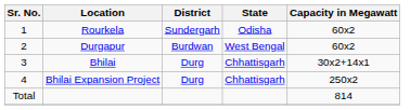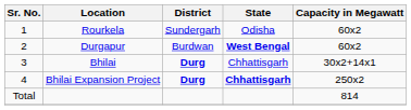 <table class="wikitable sortable" style="background;">
 <tr>
 <th>Sr. No.</th>
 <th>Location</th>
 <th>District</th>
 <th>State</th>
 <th>Capacity in Megawatt</th>
 </tr>
 <tr style="text-align:center;">
 <td>1</td>
 <td><a href='#'>Rourkela</a></td>
 <td><a href='#'>Sundergarh</a></td>
 <td><a href='#'>Odisha</a></td>
 <td>60x2</td>
 </tr>
 <tr style="text-align:center;">
 <td>2</td>
 <td><a href='#'>Durgapur</a></td>
 <td><a href='#'>Burdwan</a></td>
-<td><a href='#'>West Bengal</a></td>
+<td><strong><a href='#'>West Bengal</a></strong></td>
 <td>60x2</td>
 </tr>
 <tr style="text-align:center;">
 <td>3</td>
 <td><a href='#'>Bhilai</a></td>
-<td><a href='#'>Durg</a></td>
+<td><strong><a href='#'>Durg</a></strong></td>
 <td><a href='#'>Chhattisgarh</a></td>
 <td>30x2+14x1</td>
 </tr>
 <tr style="text-align:center;">
 <td>4</td>
 <td><a href='#'>Bhilai Expansion Project</a></td>
-<td><a href='#'>Durg</a></td>
-<td><a href='#'>Chhattisgarh</a></td>
+<td><strong><a href='#'>Durg</a></strong></td>
+<td><strong><a href='#'>Chhattisgarh</a></strong></td>
 <td>250x2</td>
 </tr>
 <tr style="text-align:center;">
 <td>Total</td>
 <td></td>
 <td></td>
 <td></td>
 <td>814</td>
 </tr>
 <tr style="text-align:center;">
 </tr>
 </table>
